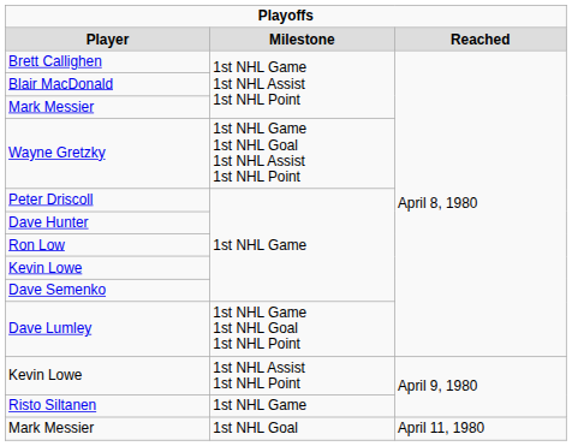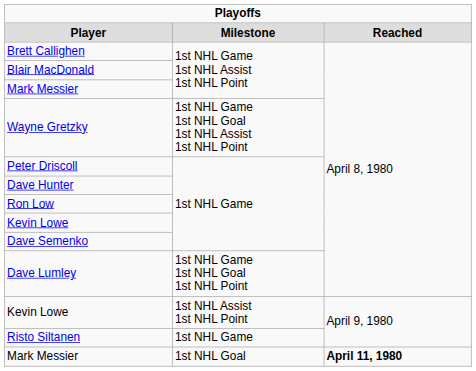 <table class="wikitable" style="width:50%;">
 <tr>
 <td colspan="10" style="text-align:center;"><strong>Playoffs</strong></td>
 </tr>
 <tr style="text-align:center; background:#ddd;">
 <td><strong>Player</strong></td>
 <td><strong>Milestone</strong></td>
 <td><strong>Reached</strong></td>
 </tr>
 <tr>
 <td><a href='#'>Brett Callighen</a></td>
 <td rowspan="3">1st NHL Game<br>1st NHL Assist<br>1st NHL Point</td>
 <td rowspan="10">April 8, 1980</td>
 </tr>
 <tr>
 <td><a href='#'>Blair MacDonald</a></td>
 </tr>
 <tr>
 <td><a href='#'>Mark Messier</a></td>
 </tr>
 <tr>
 <td><a href='#'>Wayne Gretzky</a></td>
 <td>1st NHL Game<br>1st NHL Goal<br>1st NHL Assist<br>1st NHL Point</td>
 </tr>
 <tr>
 <td><a href='#'>Peter Driscoll</a></td>
 <td rowspan="5">1st NHL Game</td>
 </tr>
 <tr>
 <td><a href='#'>Dave Hunter</a></td>
 </tr>
 <tr>
 <td><a href='#'>Ron Low</a></td>
 </tr>
 <tr>
 <td><a href='#'>Kevin Lowe</a></td>
 </tr>
 <tr>
 <td><a href='#'>Dave Semenko</a></td>
 </tr>
 <tr>
 <td><a href='#'>Dave Lumley</a></td>
 <td>1st NHL Game<br>1st NHL Goal<br>1st NHL Point</td>
 </tr>
 <tr>
 <td>Kevin Lowe</td>
 <td>1st NHL Assist<br>1st NHL Point</td>
 <td rowspan="2">April 9, 1980</td>
 </tr>
 <tr>
 <td><a href='#'>Risto Siltanen</a></td>
 <td>1st NHL Game</td>
 </tr>
 <tr>
 <td>Mark Messier</td>
 <td>1st NHL Goal</td>
-<td>April 11, 1980</td>
+<td><strong>April 11, 1980</strong></td>
 </tr>
 </table>
